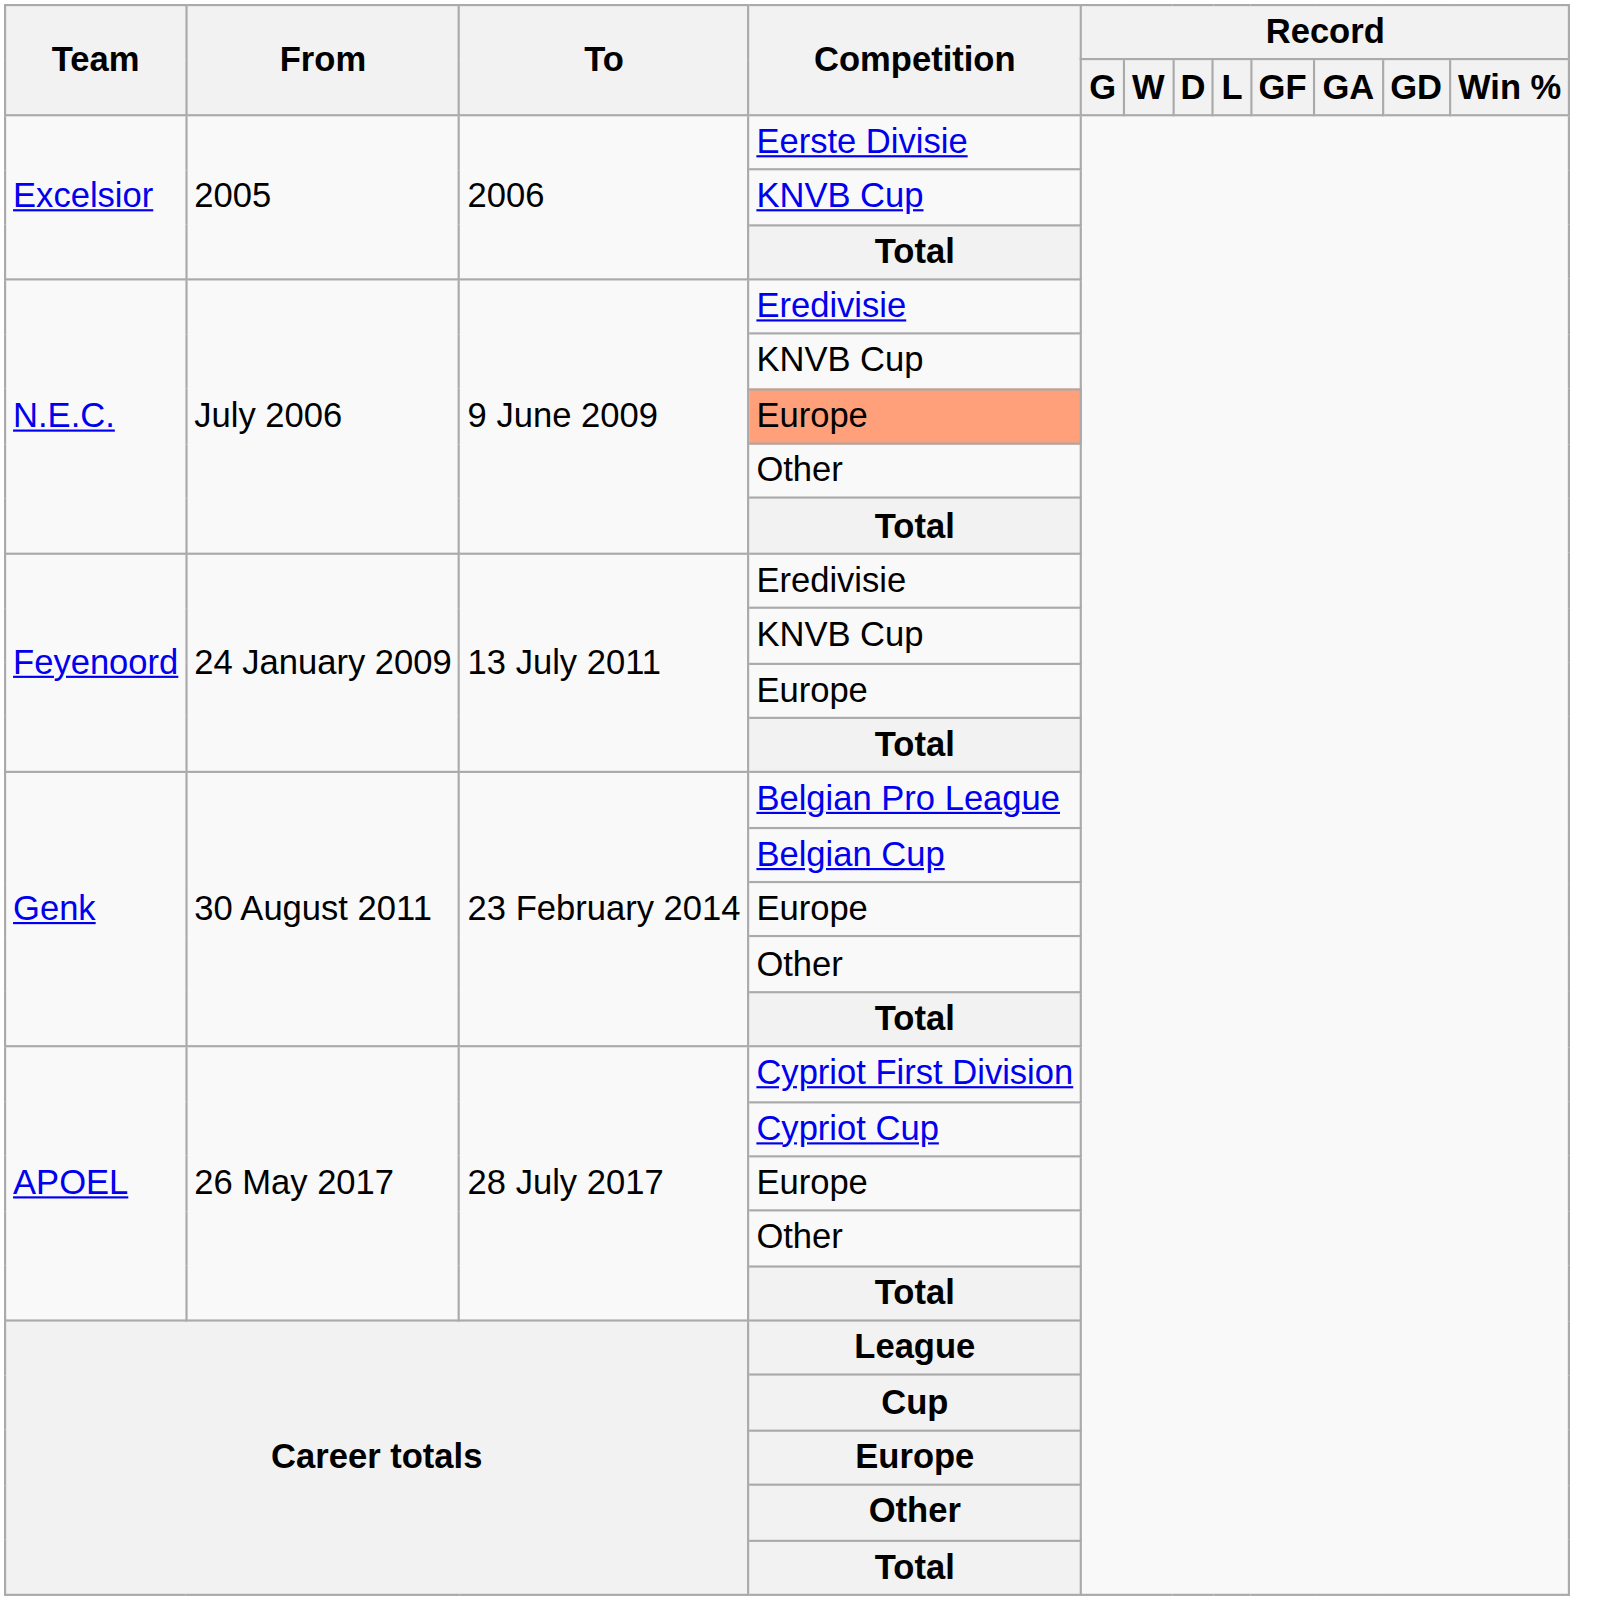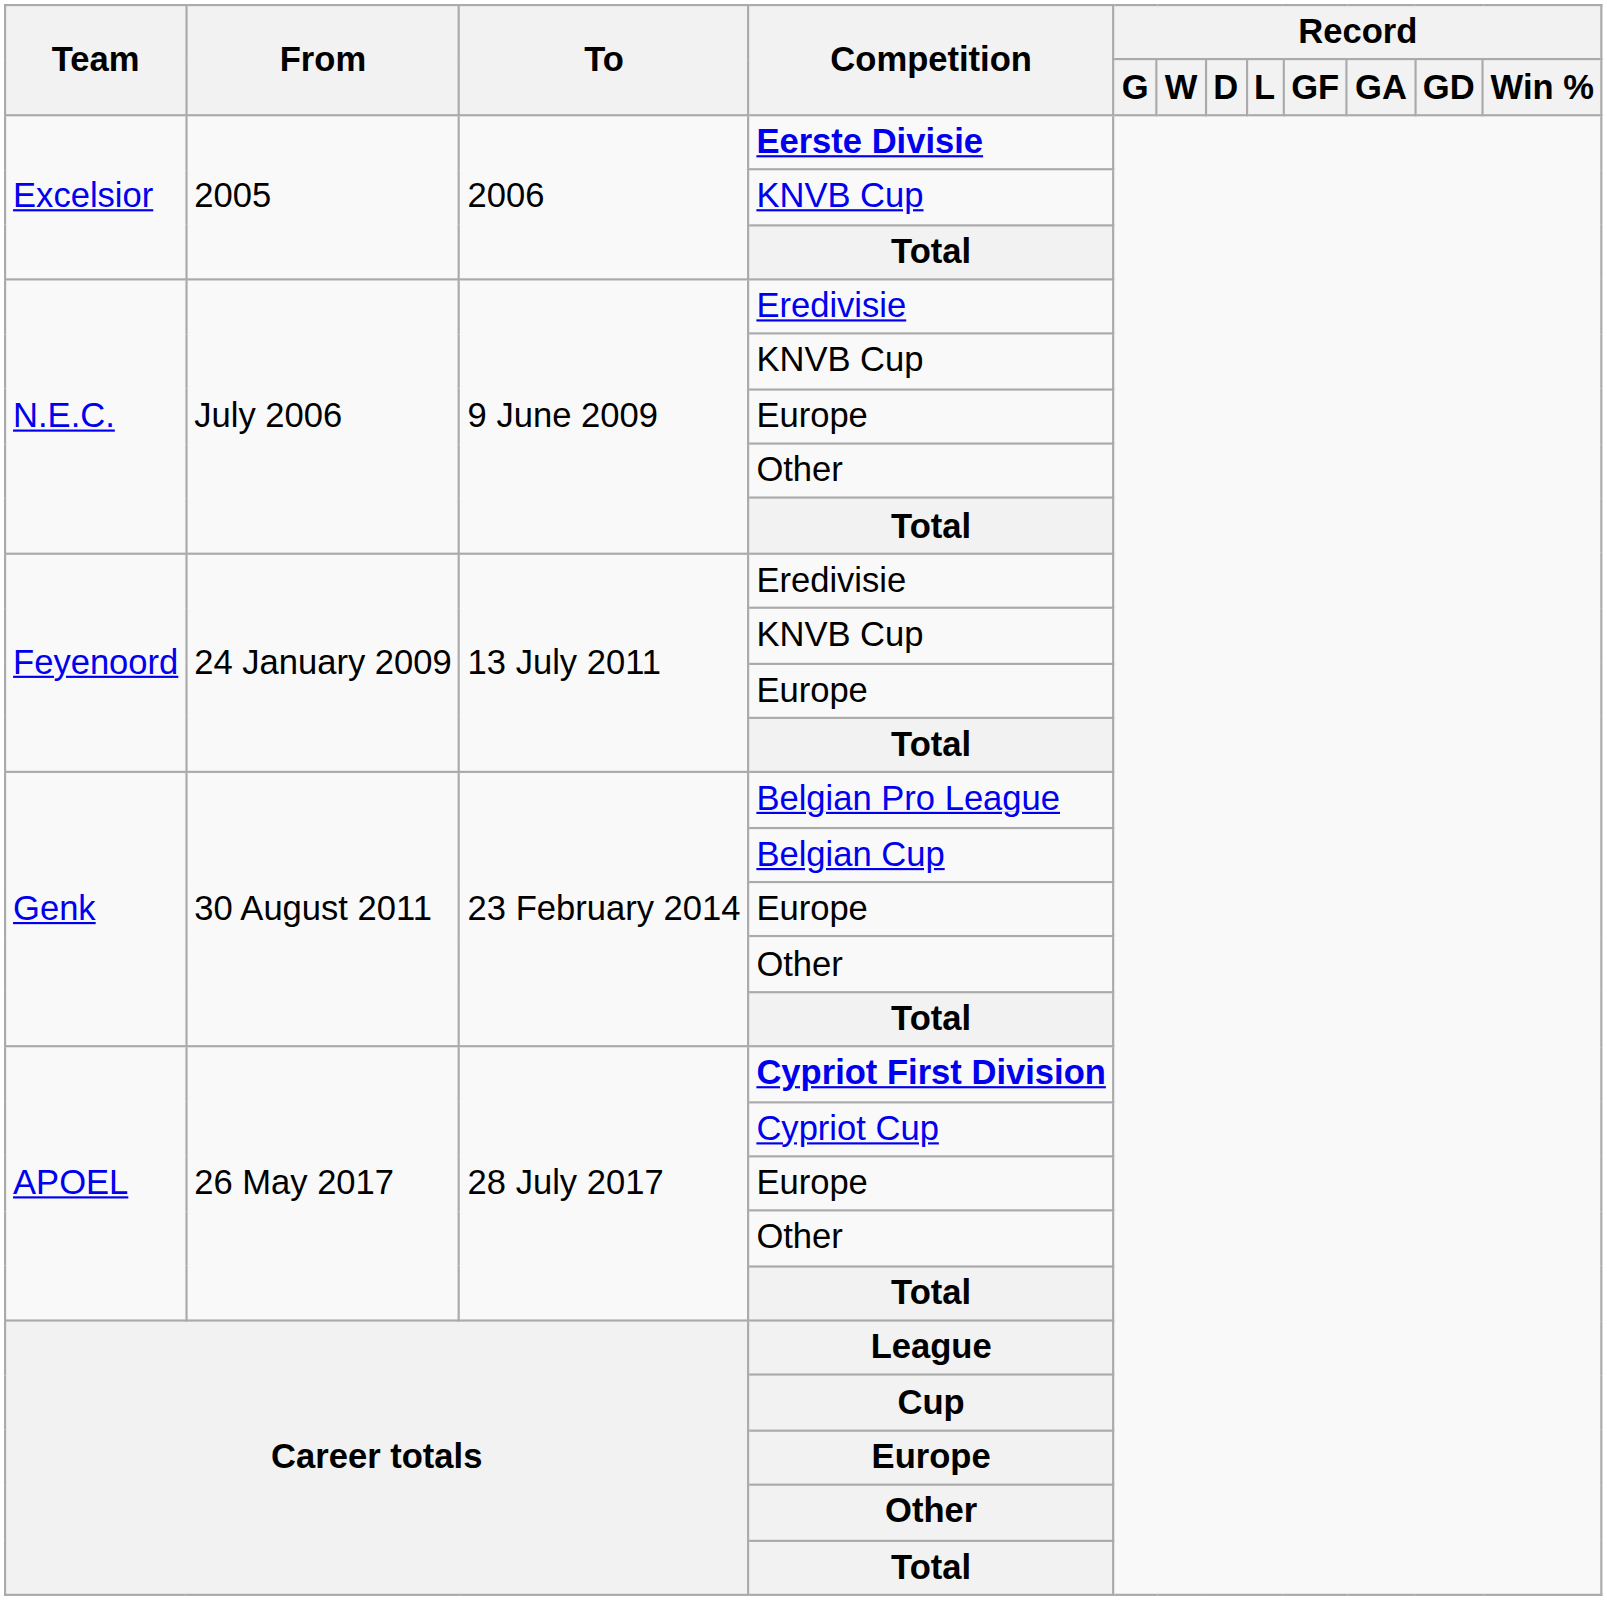 <table class="wikitable" style="text-align: center">
 <tr>
 <th rowspan="2">Team</th>
 <th rowspan="2">From</th>
 <th rowspan="2">To</th>
 <th rowspan="2">Competition</th>
 <th colspan="8">Record</th>
 </tr>
 <tr>
 <th>G</th>
 <th>W</th>
 <th>D</th>
 <th>L</th>
 <th>GF</th>
 <th>GA</th>
 <th>GD</th>
 <th>Win %</th>
 </tr>
 <tr>
 <td rowspan="3" align="left"><a href='#'>Excelsior</a></td>
 <td rowspan="3" align="left">2005</td>
 <td rowspan="3" align="left">2006</td>
-<td align="left"><a href='#'>Eerste Divisie</a><br></td>
+<td align="left"><strong><a href='#'>Eerste Divisie</a><br></strong></td>
 </tr>
 <tr>
 <td align="left"><a href='#'>KNVB Cup</a><br></td>
 </tr>
 <tr>
 <th>Total<br></th>
 </tr>
 <tr>
 <td rowspan="5" align="left"><a href='#'>N.E.C.</a></td>
 <td rowspan="5" align="left">July 2006</td>
 <td rowspan="5" align="left">9 June 2009</td>
 <td align="left"><a href='#'>Eredivisie</a><br></td>
 </tr>
 <tr>
 <td align="left">KNVB Cup<br></td>
 </tr>
 <tr>
-<td align="left" style="background: lightsalmon;">Europe<br></td>
+<td align="left">Europe<br></td>
 </tr>
 <tr>
 <td align="left">Other<br></td>
 </tr>
 <tr>
 <th>Total<br></th>
 </tr>
 <tr>
 <td rowspan="4" align="left"><a href='#'>Feyenoord</a></td>
 <td rowspan="4" align="left">24 January 2009</td>
 <td rowspan="4" align="left">13 July 2011</td>
 <td align="left">Eredivisie<br></td>
 </tr>
 <tr>
 <td align="left">KNVB Cup<br></td>
 </tr>
 <tr>
 <td align="left">Europe<br></td>
 </tr>
 <tr>
 <th>Total<br></th>
 </tr>
 <tr>
 <td rowspan="5" align="left"><a href='#'>Genk</a></td>
 <td rowspan="5" align="left">30 August 2011</td>
 <td rowspan="5" align="left">23 February 2014</td>
 <td align="left"><a href='#'>Belgian Pro League</a><br></td>
 </tr>
 <tr>
 <td align="left"><a href='#'>Belgian Cup</a><br></td>
 </tr>
 <tr>
 <td align="left">Europe<br></td>
 </tr>
 <tr>
 <td align="left">Other<br></td>
 </tr>
 <tr>
 <th>Total<br></th>
 </tr>
 <tr>
 <td rowspan="5" align="left"><a href='#'>APOEL</a></td>
 <td rowspan="5" align="left">26 May 2017</td>
 <td rowspan="5" align="left">28 July 2017</td>
-<td align="left"><a href='#'>Cypriot First Division</a><br></td>
+<td align="left"><strong><a href='#'>Cypriot First Division</a><br></strong></td>
 </tr>
 <tr>
 <td align="left"><a href='#'>Cypriot Cup</a><br></td>
 </tr>
 <tr>
 <td align="left">Europe<br></td>
 </tr>
 <tr>
 <td align="left">Other<br></td>
 </tr>
 <tr>
 <th>Total<br></th>
 </tr>
 <tr>
 <th rowspan="5" colspan="3">Career totals</th>
 <th>League<br></th>
 </tr>
 <tr>
 <th>Cup<br></th>
 </tr>
 <tr>
 <th>Europe<br></th>
 </tr>
 <tr>
 <th>Other<br></th>
 </tr>
 <tr>
 <th>Total<br></th>
 </tr>
 </table>
